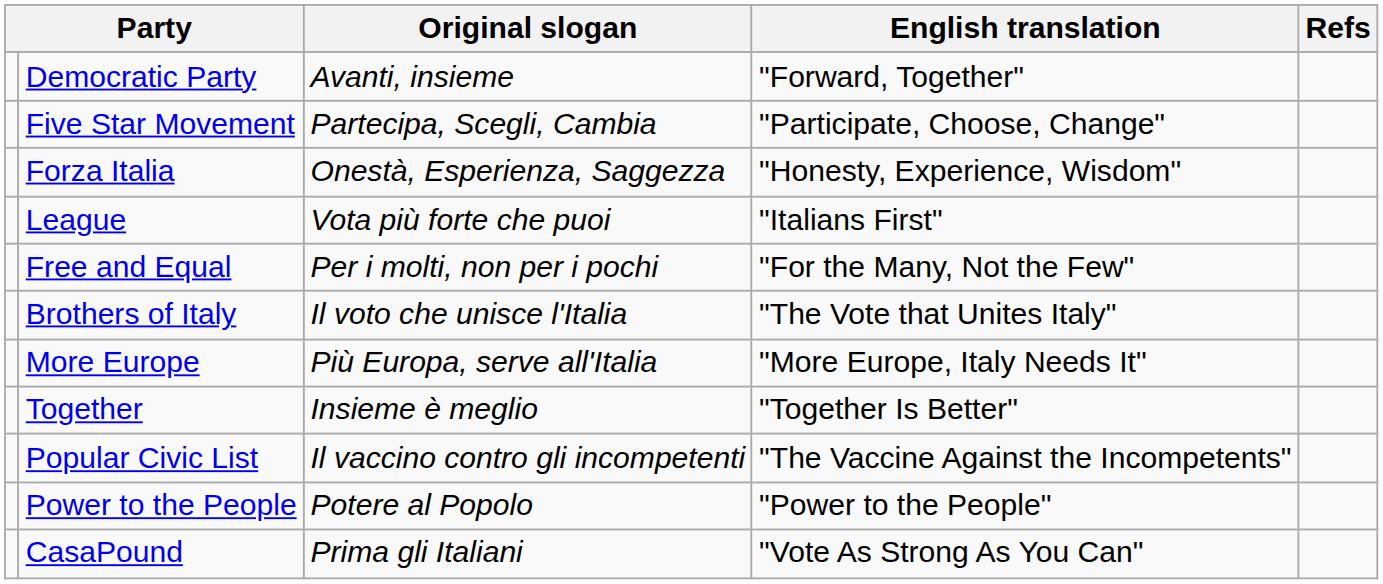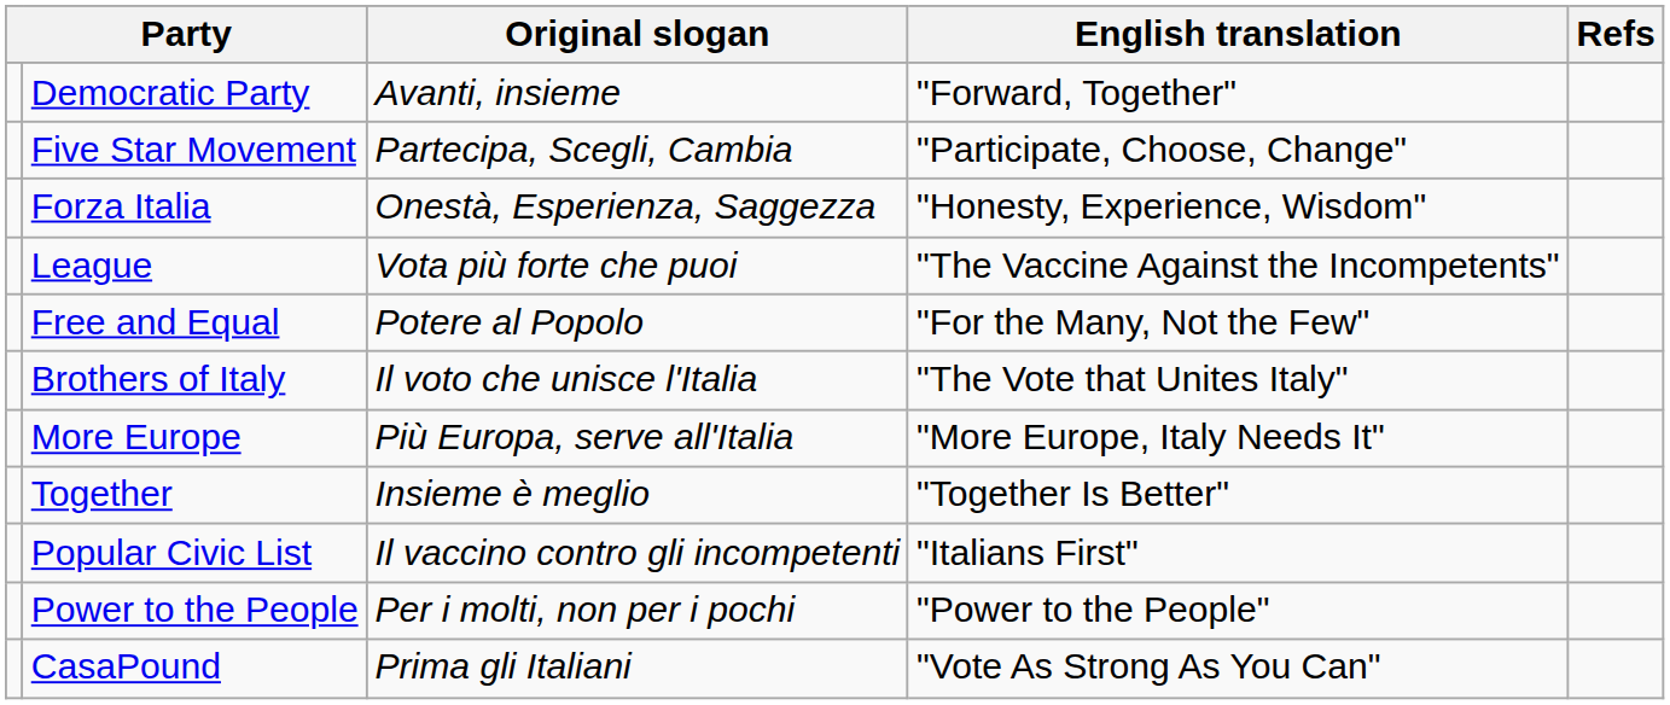 <table class=wikitable style="text-align:left">
 <tr>
 <th colspan=2>Party</th>
 <th>Original slogan</th>
 <th>English translation</th>
 <th>Refs</th>
 </tr>
 <tr>
 <td></td>
 <td><a href='#'>Democratic Party</a></td>
 <td><em>Avanti, insieme</em></td>
 <td>"Forward, Together"</td>
 <td></td>
 </tr>
 <tr>
 <td></td>
 <td><a href='#'>Five Star Movement</a></td>
 <td><em>Partecipa, Scegli, Cambia</em></td>
 <td>"Participate, Choose, Change"</td>
 <td></td>
 </tr>
 <tr>
 <td></td>
 <td><a href='#'>Forza Italia</a></td>
 <td><em>Onestà, Esperienza, Saggezza</em></td>
 <td>"Honesty, Experience, Wisdom"</td>
 <td></td>
 </tr>
 <tr>
 <td></td>
 <td><a href='#'>League</a></td>
 <td><em>Vota più forte che puoi</em></td>
-<td>"Italians First"</td>
+<td>"The Vaccine Against the Incompetents"</td>
 <td></td>
 </tr>
 <tr>
 <td></td>
 <td><a href='#'>Free and Equal</a></td>
-<td><em>Per i molti, non per i pochi</em></td>
+<td><em>Potere al Popolo</em></td>
 <td>"For the Many, Not the Few"</td>
 <td></td>
 </tr>
 <tr>
 <td></td>
 <td><a href='#'>Brothers of Italy</a></td>
 <td><em>Il voto che unisce l'Italia</em></td>
 <td>"The Vote that Unites Italy"</td>
 <td></td>
 </tr>
 <tr>
 <td></td>
 <td><a href='#'>More Europe</a></td>
 <td><em>Più Europa, serve all'Italia</em></td>
 <td>"More Europe, Italy Needs It"</td>
 <td></td>
 </tr>
 <tr>
 <td></td>
 <td><a href='#'>Together</a></td>
 <td><em>Insieme è meglio</em></td>
 <td>"Together Is Better"</td>
 <td></td>
 </tr>
 <tr>
 <td></td>
 <td><a href='#'>Popular Civic List</a></td>
 <td><em>Il vaccino contro gli incompetenti</em></td>
-<td>"The Vaccine Against the Incompetents"</td>
+<td>"Italians First"</td>
 <td></td>
 </tr>
 <tr>
 <td></td>
 <td><a href='#'>Power to the People</a></td>
-<td><em>Potere al Popolo</em></td>
+<td><em>Per i molti, non per i pochi</em></td>
 <td>"Power to the People"</td>
 <td></td>
 </tr>
 <tr>
 <td></td>
 <td><a href='#'>CasaPound</a></td>
 <td><em>Prima gli Italiani</em></td>
 <td>"Vote As Strong As You Can"</td>
 <td></td>
 </tr>
 </table>
